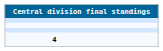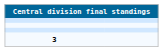 <table align=center cellpadding="4" cellspacing="0" style="background: #f9f9f9; border: 1px #aaa solid; border-collapse: collapse; font-size: 90%;" width=20%>
 <tr align=center bgcolor=#006699 style="color:white;">
 <th width=100% colspan=2>Central division final standings</th>
 </tr>
 <tr align=center bgcolor=#D0E7FF>
 <td></td>
 <td align=left></td>
 </tr>
 <tr align=center bgcolor=#F5FAFF>
 <td></td>
 <td align=left></td>
 </tr>
 <tr align=center bgcolor=#D0E7FF>
 <td></td>
 <td align=left></td>
 </tr>
 <tr align=center bgcolor=#F5FAFF>
-<td><strong>4</strong></td>
+<td><strong>3</strong></td>
 <td align=left></td>
 </tr>
 <tr align=center bgcolor=#D0E7FF>
 </tr>
 </table>
